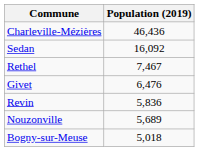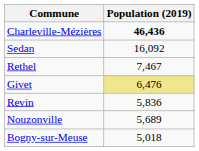 <table class=wikitable>
 <tr>
 <th>Commune</th>
 <th>Population (2019)</th>
 </tr>
 <tr>
 <td><a href='#'>Charleville-Mézières</a></td>
-<td style="text-align: center;">46,436</td>
+<td style="text-align: center;"><strong>46,436</strong></td>
 </tr>
 <tr>
 <td><a href='#'>Sedan</a></td>
 <td style="text-align: center;">16,092</td>
 </tr>
 <tr>
 <td><a href='#'>Rethel</a></td>
 <td style="text-align: center;">7,467</td>
 </tr>
 <tr>
 <td><a href='#'>Givet</a></td>
-<td style="text-align: center;">6,476</td>
+<td style="background: khaki; text-align: center;">6,476</td>
 </tr>
 <tr>
 <td><a href='#'>Revin</a></td>
 <td style="text-align: center;">5,836</td>
 </tr>
 <tr>
 <td><a href='#'>Nouzonville</a></td>
 <td style="text-align: center;">5,689</td>
 </tr>
 <tr>
 <td><a href='#'>Bogny-sur-Meuse</a></td>
 <td style="text-align: center;">5,018</td>
 </tr>
 </table>
